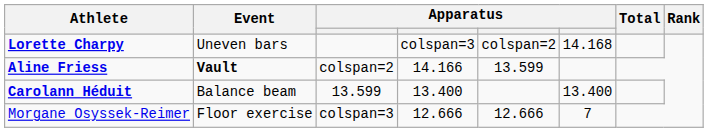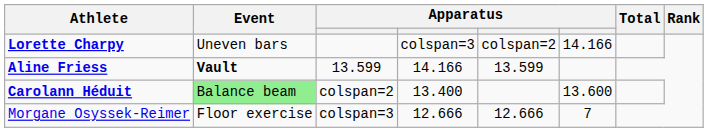 <table class="wikitable" style="font-size:90%">
 <tr>
 <th rowspan=2>Athlete</th>
 <th rowspan=2>Event</th>
 <th colspan=4>Apparatus</th>
 <th rowspan=2>Total</th>
 <th rowspan=2>Rank</th>
 </tr>
 <tr style="font-size:95%">
 <th></th>
 <th></th>
 <th></th>
 <th></th>
 </tr>
 <tr align=center>
 <td align=left><strong><a href='#'>Lorette Charpy</a></strong></td>
 <td align=left>Uneven bars</td>
 <td></td>
 <td>colspan=3</td>
 <td>colspan=2</td>
-<td>14.168</td>
+<td>14.166</td>
 <td></td>
 </tr>
 <tr align=center>
 <td align=left><strong><a href='#'>Aline Friess</a></strong></td>
 <td align=left><strong>Vault</strong></td>
-<td>colspan=2</td>
+<td>13.599</td>
 <td>14.166</td>
 <td>13.599</td>
 <td></td>
 </tr>
 <tr align=center>
 <td align=left><strong><a href='#'>Carolann Héduit</a></strong></td>
-<td align=left>Balance beam</td>
-<td>13.599</td>
+<td align=left style="background: lightgreen;">Balance beam</td>
+<td>colspan=2</td>
 <td>13.400</td>
 <td></td>
-<td>13.400</td>
+<td>13.600</td>
 <td></td>
 </tr>
 <tr align=center>
 <td align=left><a href='#'>Morgane Osyssek-Reimer</a></td>
 <td align=left>Floor exercise</td>
 <td>colspan=3</td>
 <td>12.666</td>
 <td>12.666</td>
 <td>7</td>
 </tr>
 </table>
